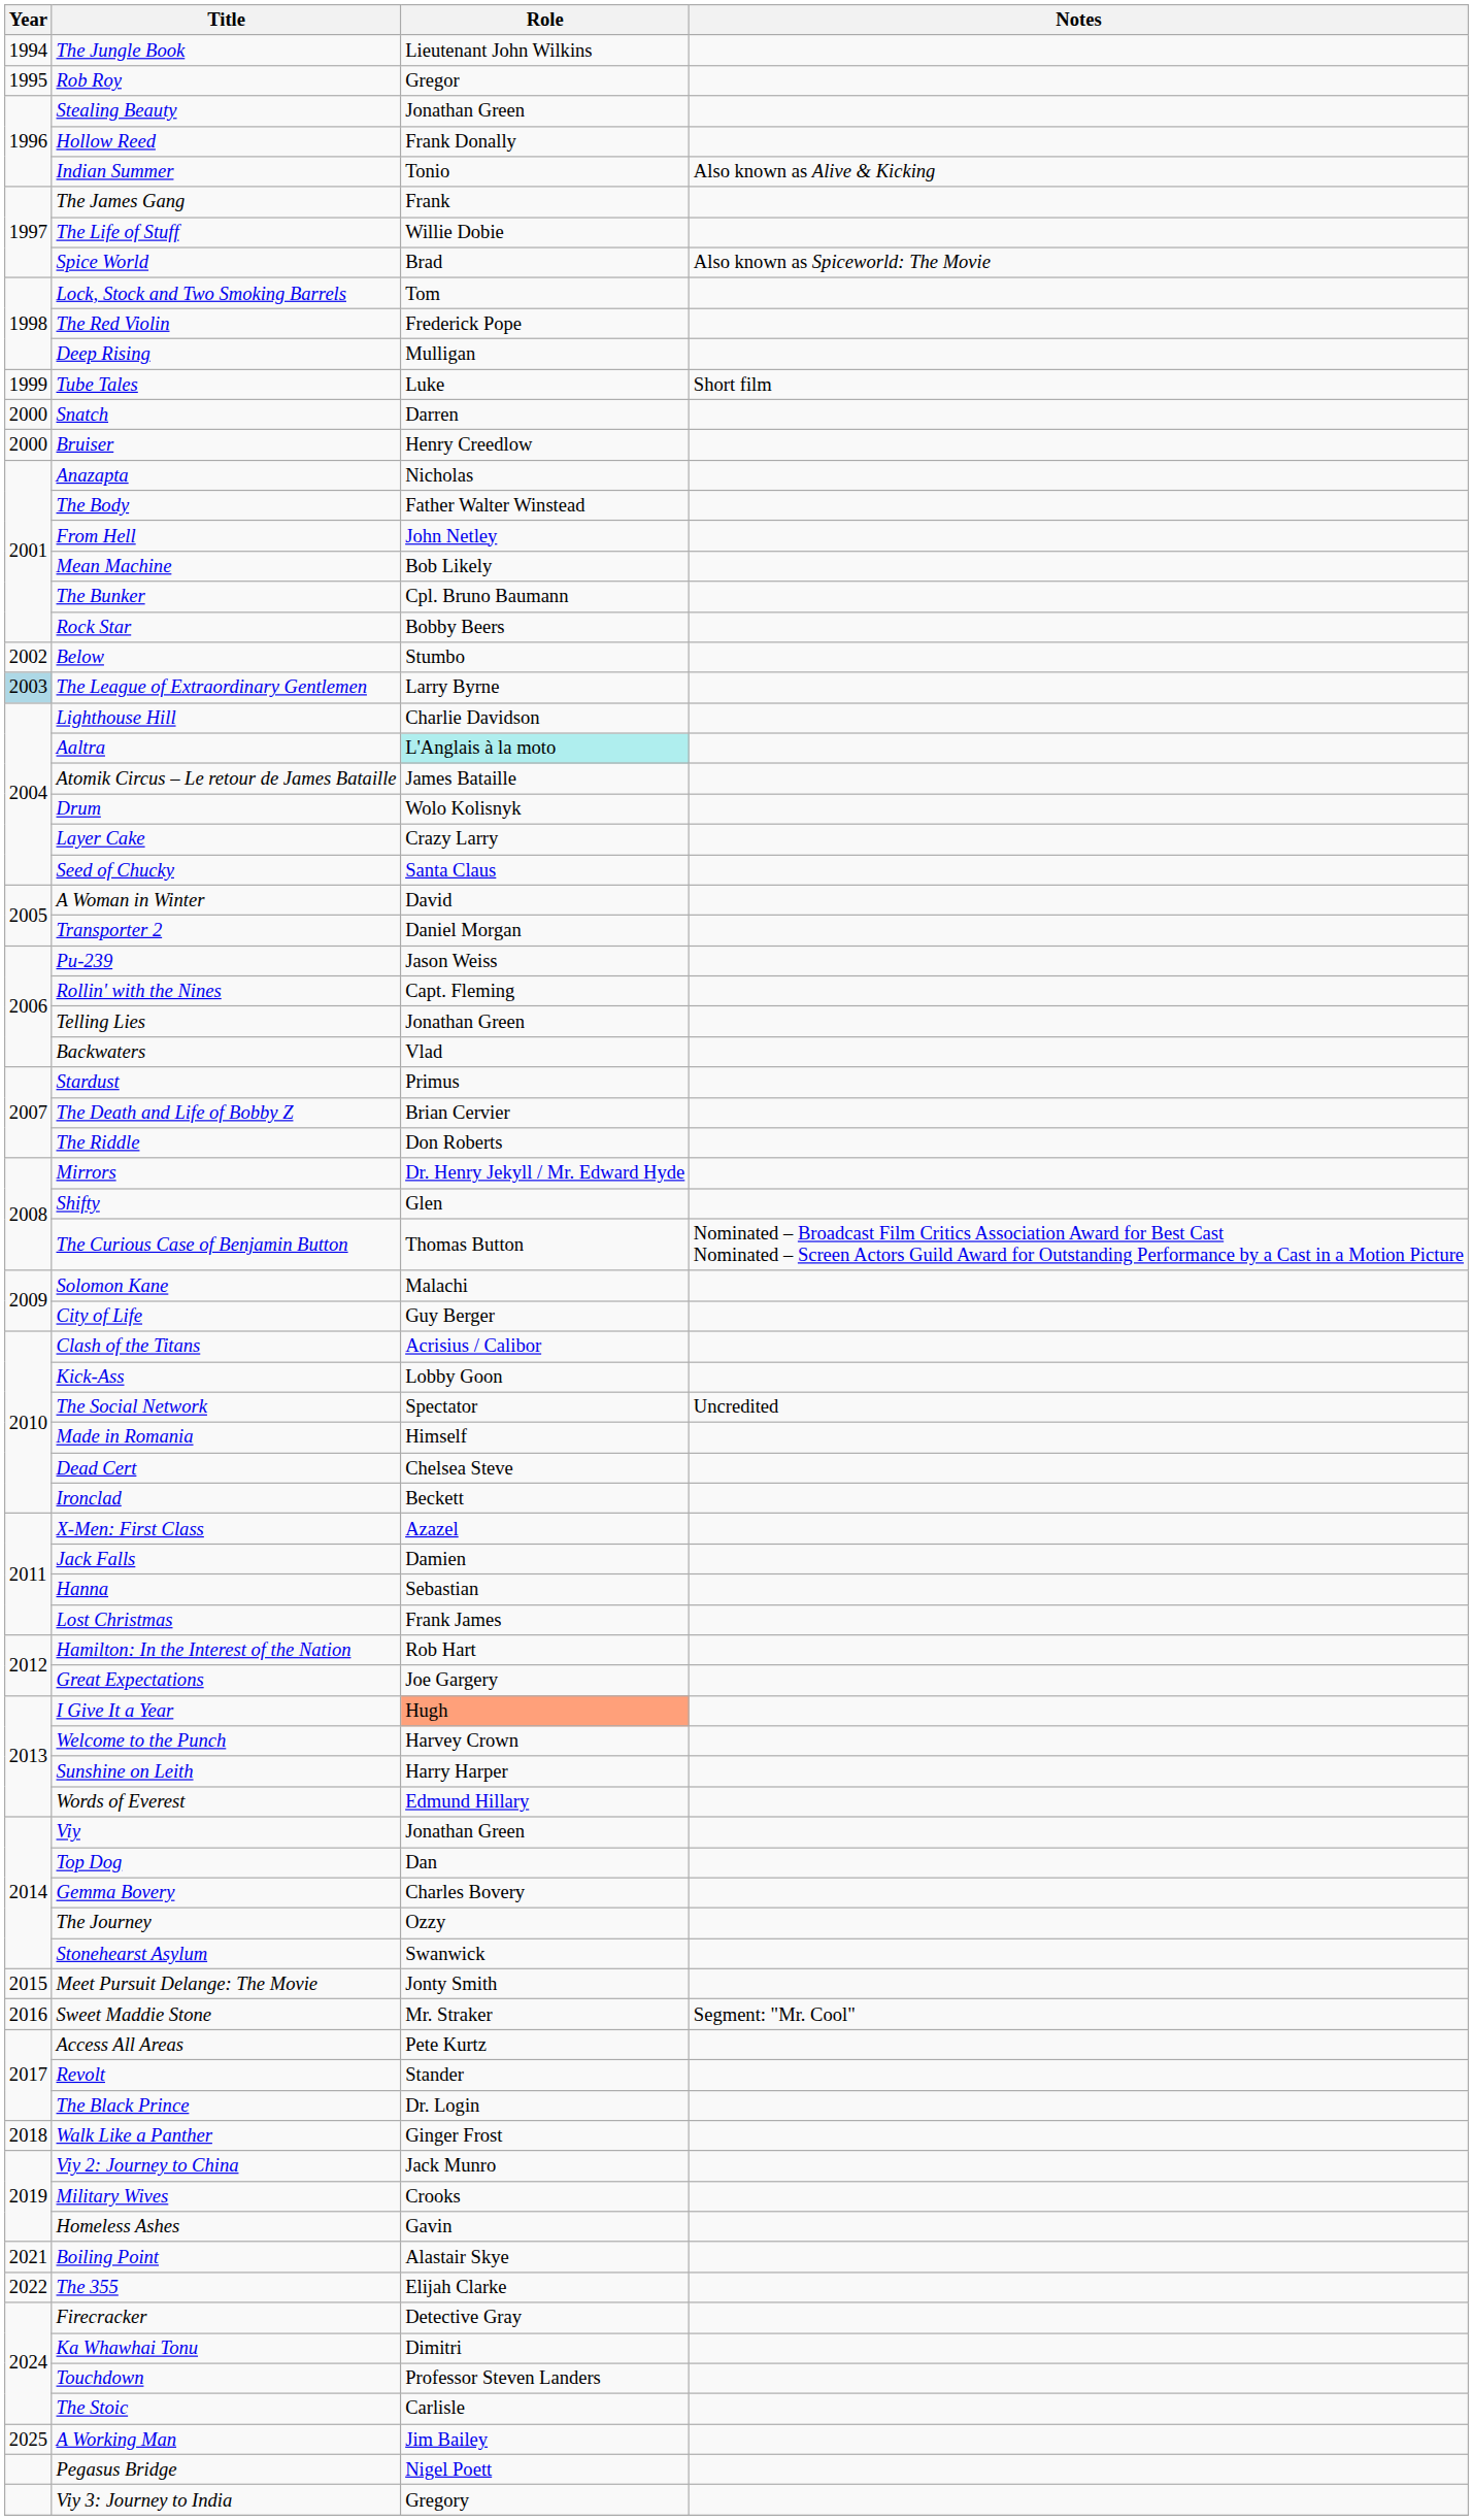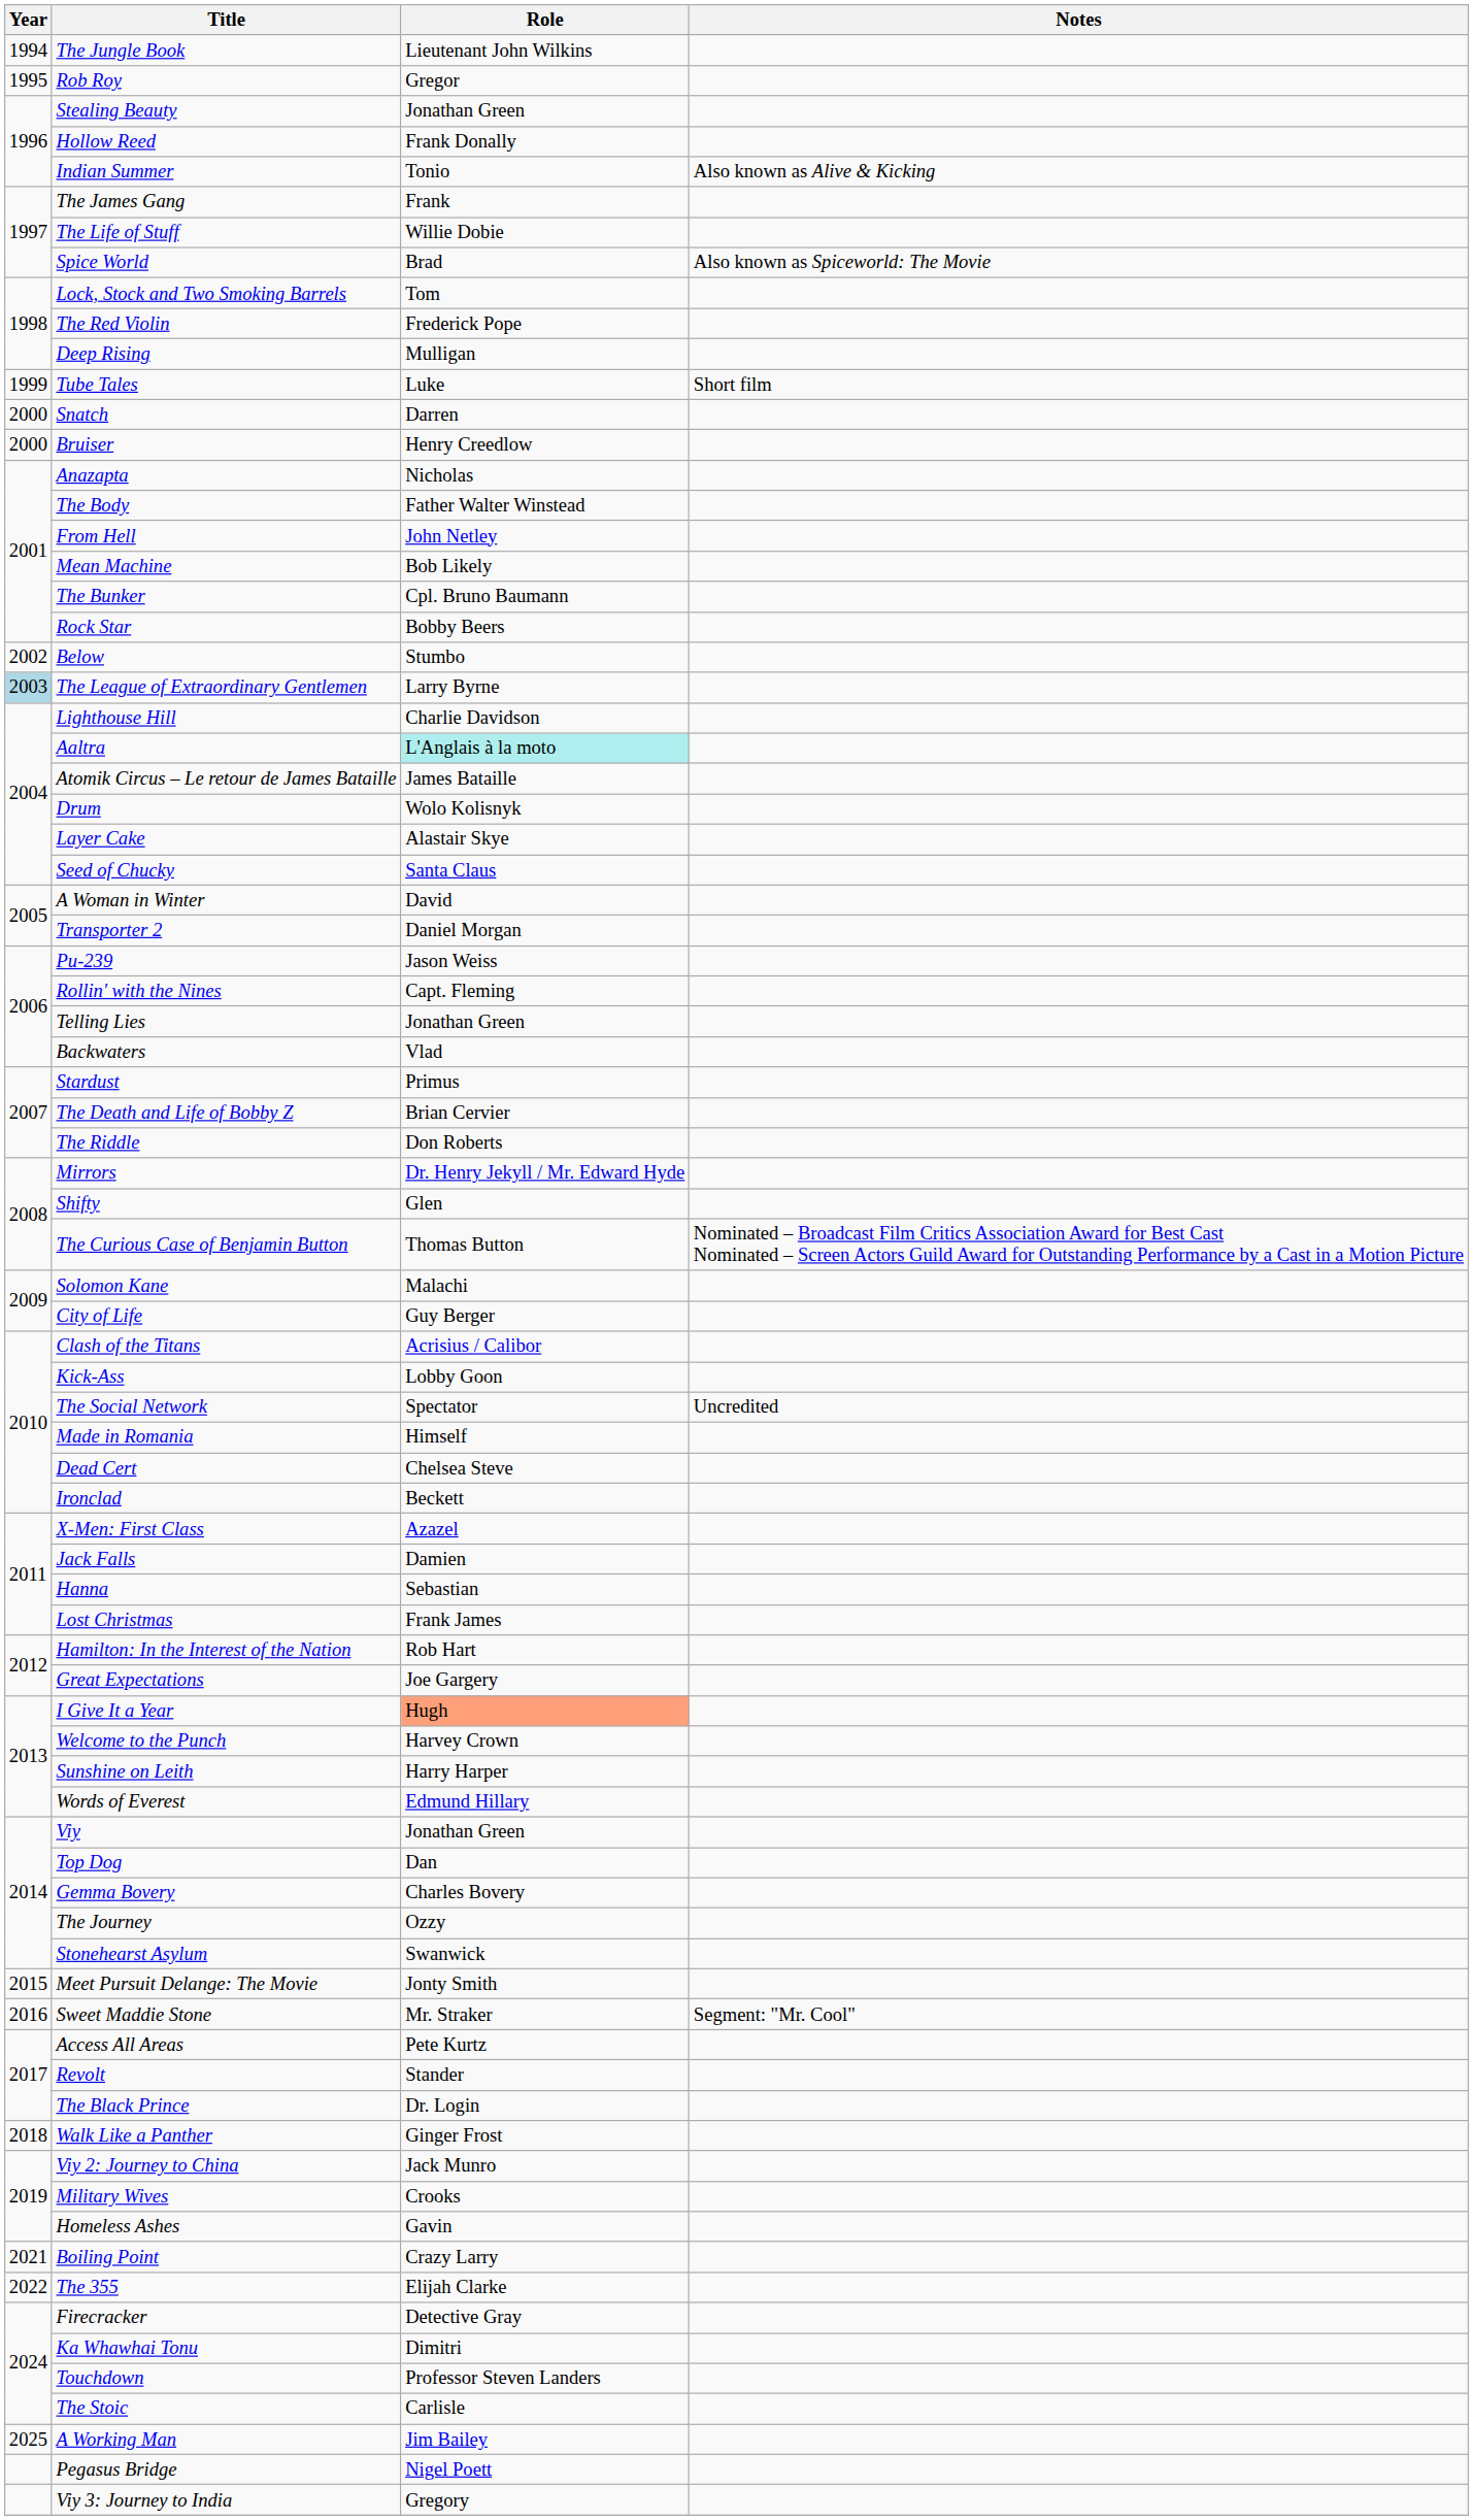 <table class="wikitable sortable">
 <tr>
 <th>Year</th>
 <th>Title</th>
 <th>Role</th>
 <th>Notes</th>
 </tr>
 <tr>
 <td>1994</td>
 <td><em><a href='#'>The Jungle Book</a></em></td>
 <td>Lieutenant John Wilkins</td>
 <td></td>
 </tr>
 <tr>
 <td>1995</td>
 <td><em><a href='#'>Rob Roy</a></em></td>
 <td>Gregor</td>
 <td></td>
 </tr>
 <tr>
 <td rowspan="3">1996</td>
 <td><em><a href='#'>Stealing Beauty</a></em></td>
 <td>Jonathan Green</td>
 <td></td>
 </tr>
 <tr>
 <td><em><a href='#'>Hollow Reed</a></em></td>
 <td>Frank Donally</td>
 <td></td>
 </tr>
 <tr>
 <td><em><a href='#'>Indian Summer</a></em></td>
 <td>Tonio</td>
 <td>Also known as <em>Alive & Kicking</em></td>
 </tr>
 <tr>
 <td rowspan="3">1997</td>
 <td><em>The James Gang</em></td>
 <td>Frank</td>
 <td></td>
 </tr>
 <tr>
 <td><em><a href='#'>The Life of Stuff</a></em></td>
 <td>Willie Dobie</td>
 <td></td>
 </tr>
 <tr>
 <td><em><a href='#'>Spice World</a></em></td>
 <td>Brad</td>
 <td>Also known as <em>Spiceworld: The Movie</em></td>
 </tr>
 <tr>
 <td rowspan="3">1998</td>
 <td><em><a href='#'>Lock, Stock and Two Smoking Barrels</a></em></td>
 <td>Tom</td>
 <td></td>
 </tr>
 <tr>
 <td><em><a href='#'>The Red Violin</a></em></td>
 <td>Frederick Pope</td>
 <td></td>
 </tr>
 <tr>
 <td><em><a href='#'>Deep Rising</a></em></td>
 <td>Mulligan</td>
 <td></td>
 </tr>
 <tr>
 <td>1999</td>
 <td><em><a href='#'>Tube Tales</a></em></td>
 <td>Luke</td>
 <td>Short film</td>
 </tr>
 <tr>
 <td>2000</td>
 <td><em><a href='#'>Snatch</a></em></td>
 <td>Darren</td>
 <td></td>
 </tr>
 <tr>
 <td>2000</td>
 <td><em><a href='#'>Bruiser</a></em></td>
 <td>Henry Creedlow</td>
 <td></td>
 </tr>
 <tr>
 <td rowspan="6">2001</td>
 <td><em><a href='#'>Anazapta</a></em></td>
 <td>Nicholas</td>
 <td></td>
 </tr>
 <tr>
 <td><em><a href='#'>The Body</a></em></td>
 <td>Father Walter Winstead</td>
 <td></td>
 </tr>
 <tr>
 <td><em><a href='#'>From Hell</a></em></td>
 <td><a href='#'>John Netley</a></td>
 <td></td>
 </tr>
 <tr>
 <td><em><a href='#'>Mean Machine</a></em></td>
 <td>Bob Likely</td>
 <td></td>
 </tr>
 <tr>
 <td><em><a href='#'>The Bunker</a></em></td>
 <td>Cpl. Bruno Baumann</td>
 <td></td>
 </tr>
 <tr>
 <td><em><a href='#'>Rock Star</a></em></td>
 <td>Bobby Beers</td>
 <td></td>
 </tr>
 <tr>
 <td>2002</td>
 <td><em><a href='#'>Below</a></em></td>
 <td>Stumbo</td>
 <td></td>
 </tr>
 <tr>
 <td style="background: lightblue;">2003</td>
 <td><em><a href='#'>The League of Extraordinary Gentlemen</a></em></td>
 <td>Larry Byrne</td>
 <td></td>
 </tr>
 <tr>
 <td rowspan="6">2004</td>
 <td><em><a href='#'>Lighthouse Hill</a></em></td>
 <td>Charlie Davidson</td>
 <td></td>
 </tr>
 <tr>
 <td><em><a href='#'>Aaltra</a></em></td>
 <td style="background: paleturquoise;">L'Anglais à la moto</td>
 <td></td>
 </tr>
 <tr>
 <td><em>Atomik Circus – Le retour de James Bataille</em></td>
 <td>James Bataille</td>
 <td></td>
 </tr>
 <tr>
 <td><em><a href='#'>Drum</a></em></td>
 <td>Wolo Kolisnyk</td>
 <td></td>
 </tr>
 <tr>
 <td><em><a href='#'>Layer Cake</a></em></td>
-<td>Crazy Larry</td>
+<td>Alastair Skye</td>
 <td></td>
 </tr>
 <tr>
 <td><em><a href='#'>Seed of Chucky</a></em></td>
 <td><a href='#'>Santa Claus</a></td>
 <td></td>
 </tr>
 <tr>
 <td rowspan="2">2005</td>
 <td><em>A Woman in Winter</em></td>
 <td>David</td>
 <td></td>
 </tr>
 <tr>
 <td><em><a href='#'>Transporter 2</a></em></td>
 <td>Daniel Morgan</td>
 <td></td>
 </tr>
 <tr>
 <td rowspan="4">2006</td>
 <td><em><a href='#'>Pu-239</a></em></td>
 <td>Jason Weiss</td>
 <td></td>
 </tr>
 <tr>
 <td><em><a href='#'>Rollin' with the Nines</a></em></td>
 <td>Capt. Fleming</td>
 <td></td>
 </tr>
 <tr>
 <td><em>Telling Lies</em></td>
 <td>Jonathan Green</td>
 <td></td>
 </tr>
 <tr>
 <td><em>Backwaters</em></td>
 <td>Vlad</td>
 <td></td>
 </tr>
 <tr>
 <td rowspan="3">2007</td>
 <td><em><a href='#'>Stardust</a></em></td>
 <td>Primus</td>
 <td></td>
 </tr>
 <tr>
 <td><em><a href='#'>The Death and Life of Bobby Z</a></em></td>
 <td>Brian Cervier</td>
 <td></td>
 </tr>
 <tr>
 <td><em><a href='#'>The Riddle</a></em></td>
 <td>Don Roberts</td>
 <td></td>
 </tr>
 <tr>
 <td rowspan="3">2008</td>
 <td><em><a href='#'>Mirrors</a></em></td>
 <td><a href='#'>Dr. Henry Jekyll / Mr. Edward Hyde</a></td>
 <td></td>
 </tr>
 <tr>
 <td><em><a href='#'>Shifty</a></em></td>
 <td>Glen</td>
 <td></td>
 </tr>
 <tr>
 <td><em><a href='#'>The Curious Case of Benjamin Button</a></em></td>
 <td>Thomas Button</td>
 <td>Nominated – <a href='#'>Broadcast Film Critics Association Award for Best Cast</a><br>Nominated – <a href='#'>Screen Actors Guild Award for Outstanding Performance by a Cast in a Motion Picture</a></td>
 </tr>
 <tr>
 <td rowspan="2">2009</td>
 <td><em><a href='#'>Solomon Kane</a></em></td>
 <td>Malachi</td>
 <td></td>
 </tr>
 <tr>
 <td><em><a href='#'>City of Life</a></em></td>
 <td>Guy Berger</td>
 <td></td>
 </tr>
 <tr>
 <td rowspan="6">2010</td>
 <td><em><a href='#'>Clash of the Titans</a></em></td>
 <td><a href='#'>Acrisius / Calibor</a></td>
 <td></td>
 </tr>
 <tr>
 <td><em><a href='#'>Kick-Ass</a></em></td>
 <td>Lobby Goon</td>
 <td></td>
 </tr>
 <tr>
 <td><em><a href='#'>The Social Network</a></em></td>
 <td>Spectator</td>
 <td>Uncredited</td>
 </tr>
 <tr>
 <td><em><a href='#'>Made in Romania</a></em></td>
 <td>Himself</td>
 <td></td>
 </tr>
 <tr>
 <td><em><a href='#'>Dead Cert</a></em></td>
 <td>Chelsea Steve</td>
 <td></td>
 </tr>
 <tr>
 <td><em><a href='#'>Ironclad</a></em></td>
 <td>Beckett</td>
 <td></td>
 </tr>
 <tr>
 <td rowspan="4">2011</td>
 <td><em><a href='#'>X-Men: First Class</a></em></td>
 <td><a href='#'>Azazel</a></td>
 <td></td>
 </tr>
 <tr>
 <td><em><a href='#'>Jack Falls</a></em></td>
 <td>Damien</td>
 <td></td>
 </tr>
 <tr>
 <td><em><a href='#'>Hanna</a></em></td>
 <td>Sebastian</td>
 <td></td>
 </tr>
 <tr>
 <td><em><a href='#'>Lost Christmas</a></em></td>
 <td>Frank James</td>
 <td></td>
 </tr>
 <tr>
 <td rowspan="2">2012</td>
 <td><em><a href='#'>Hamilton: In the Interest of the Nation</a></em></td>
 <td>Rob Hart</td>
 <td></td>
 </tr>
 <tr>
 <td><em><a href='#'>Great Expectations</a></em></td>
 <td>Joe Gargery</td>
 <td></td>
 </tr>
 <tr>
 <td rowspan="4">2013</td>
 <td><em><a href='#'>I Give It a Year</a></em></td>
 <td style="background: lightsalmon;">Hugh</td>
 <td></td>
 </tr>
 <tr>
 <td><em><a href='#'>Welcome to the Punch</a></em></td>
 <td>Harvey Crown</td>
 <td></td>
 </tr>
 <tr>
 <td><em><a href='#'>Sunshine on Leith</a></em></td>
 <td>Harry Harper</td>
 <td></td>
 </tr>
 <tr>
 <td><em>Words of Everest</em></td>
 <td><a href='#'>Edmund Hillary</a></td>
 <td></td>
 </tr>
 <tr>
 <td rowspan="5">2014</td>
 <td><em><a href='#'>Viy</a></em></td>
 <td>Jonathan Green</td>
 <td></td>
 </tr>
 <tr>
 <td><em><a href='#'>Top Dog</a></em></td>
 <td>Dan</td>
 <td></td>
 </tr>
 <tr>
 <td><em><a href='#'>Gemma Bovery</a></em></td>
 <td>Charles Bovery</td>
 <td></td>
 </tr>
 <tr>
 <td><em>The Journey</em></td>
 <td>Ozzy</td>
 <td></td>
 </tr>
 <tr>
 <td><em><a href='#'>Stonehearst Asylum</a></em></td>
 <td>Swanwick</td>
 <td></td>
 </tr>
 <tr>
 <td>2015</td>
 <td><em>Meet Pursuit Delange: The Movie</em></td>
 <td>Jonty Smith</td>
 <td></td>
 </tr>
 <tr>
 <td>2016</td>
 <td><em>Sweet Maddie Stone</em></td>
 <td>Mr. Straker</td>
 <td>Segment: "Mr. Cool"</td>
 </tr>
 <tr>
 <td rowspan="3">2017</td>
 <td><em>Access All Areas</em></td>
 <td>Pete Kurtz</td>
 <td></td>
 </tr>
 <tr>
 <td><em><a href='#'>Revolt</a></em></td>
 <td>Stander</td>
 <td></td>
 </tr>
 <tr>
 <td><em><a href='#'>The Black Prince</a></em></td>
 <td>Dr. Login</td>
 <td></td>
 </tr>
 <tr>
 <td>2018</td>
 <td><em><a href='#'>Walk Like a Panther</a></em></td>
 <td>Ginger Frost</td>
 <td></td>
 </tr>
 <tr>
 <td rowspan="3">2019</td>
 <td><em><a href='#'>Viy 2: Journey to China</a></em></td>
 <td>Jack Munro</td>
 <td></td>
 </tr>
 <tr>
 <td><em><a href='#'>Military Wives</a></em></td>
 <td>Crooks</td>
 <td></td>
 </tr>
 <tr>
 <td><em>Homeless Ashes</em></td>
 <td>Gavin</td>
 <td></td>
 </tr>
 <tr>
 <td>2021</td>
 <td><em><a href='#'>Boiling Point</a></em></td>
-<td>Alastair Skye</td>
+<td>Crazy Larry</td>
 <td></td>
 </tr>
 <tr>
 <td>2022</td>
 <td><em><a href='#'>The 355</a></em></td>
 <td>Elijah Clarke</td>
 <td></td>
 </tr>
 <tr>
 <td rowspan="4">2024</td>
 <td><em>Firecracker</em></td>
 <td>Detective Gray</td>
 <td></td>
 </tr>
 <tr>
 <td><em><a href='#'>Ka Whawhai Tonu</a></em></td>
 <td>Dimitri</td>
 <td></td>
 </tr>
 <tr>
 <td><em><a href='#'>Touchdown</a></em></td>
 <td>Professor Steven Landers</td>
 <td></td>
 </tr>
 <tr>
 <td><em><a href='#'>The Stoic</a></em></td>
 <td>Carlisle</td>
 <td></td>
 </tr>
 <tr>
 <td>2025</td>
 <td><em><a href='#'>A Working Man</a></em></td>
 <td><a href='#'>Jim Bailey</a></td>
 <td></td>
 </tr>
 <tr>
 <td></td>
 <td><em>Pegasus Bridge</em></td>
 <td><a href='#'>Nigel Poett</a></td>
 <td></td>
 </tr>
 <tr>
 <td></td>
 <td><em>Viy 3: Journey to India</em></td>
 <td>Gregory</td>
 <td></td>
 </tr>
 <tr>
 </tr>
 </table>
